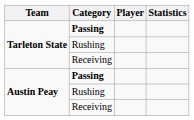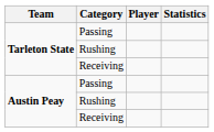 <table class="wikitable" style="float: right;">
 <tr>
 <th>Team</th>
 <th>Category</th>
 <th>Player</th>
 <th>Statistics</th>
 </tr>
 <tr>
 <td rowspan=3><strong>Tarleton State</strong></td>
-<td><strong>Passing</strong></td>
+<td>Passing</td>
 <td></td>
 <td></td>
 </tr>
 <tr>
 <td>Rushing</td>
 <td></td>
 <td></td>
 </tr>
 <tr>
 <td>Receiving</td>
 <td></td>
 <td></td>
 </tr>
 <tr>
 <td rowspan=3><strong>Austin Peay</strong></td>
-<td><strong>Passing</strong></td>
+<td>Passing</td>
 <td></td>
 <td></td>
 </tr>
 <tr>
 <td>Rushing</td>
 <td></td>
 <td></td>
 </tr>
 <tr>
 <td>Receiving</td>
 <td></td>
 <td></td>
 </tr>
 </table>
